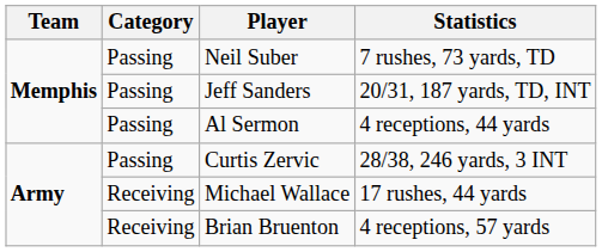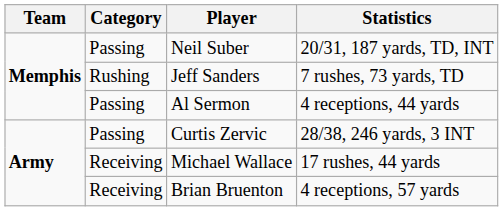 <table class="wikitable" style="float: right;">
 <tr>
 <th>Team</th>
 <th>Category</th>
 <th>Player</th>
 <th>Statistics</th>
 </tr>
 <tr>
 <td rowspan=3><strong>Memphis</strong></td>
 <td>Passing</td>
 <td>Neil Suber</td>
-<td>7 rushes, 73 yards, TD</td>
+<td>20/31, 187 yards, TD, INT</td>
 </tr>
 <tr>
-<td>Passing</td>
+<td>Rushing</td>
 <td>Jeff Sanders</td>
-<td>20/31, 187 yards, TD, INT</td>
+<td>7 rushes, 73 yards, TD</td>
 </tr>
 <tr>
 <td>Passing</td>
 <td>Al Sermon</td>
 <td>4 receptions, 44 yards</td>
 </tr>
 <tr>
 <td rowspan=3><strong>Army</strong></td>
 <td>Passing</td>
 <td>Curtis Zervic</td>
 <td>28/38, 246 yards, 3 INT</td>
 </tr>
 <tr>
 <td>Receiving</td>
 <td>Michael Wallace</td>
 <td>17 rushes, 44 yards</td>
 </tr>
 <tr>
 <td>Receiving</td>
 <td>Brian Bruenton</td>
 <td>4 receptions, 57 yards</td>
 </tr>
 </table>
